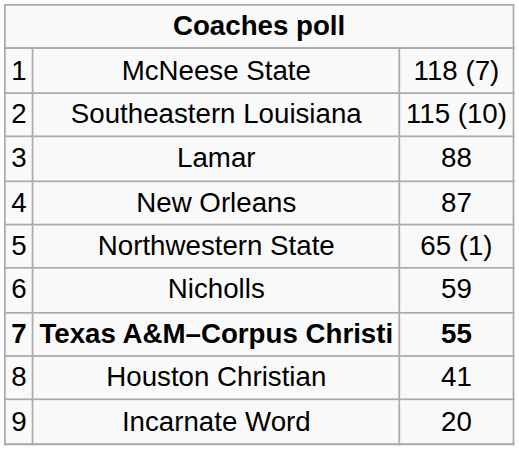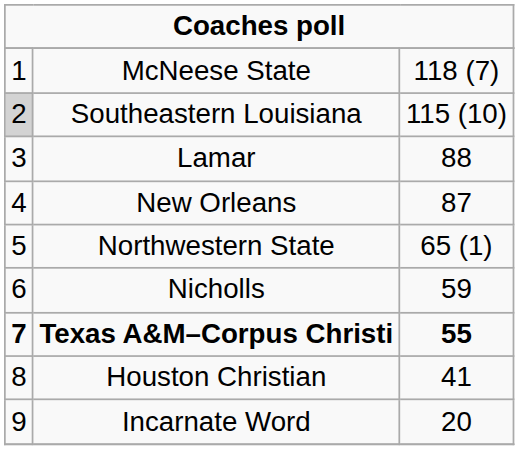 <table class="wikitable">
 <tr align="center">
 <td align="center" Colspan="3"><strong>Coaches poll</strong></td>
 </tr>
 <tr align="center">
 </tr>
 <tr align="center">
 <td>1</td>
 <td>McNeese State</td>
 <td>118 (7)</td>
 </tr>
 <tr align="center">
-<td>2</td>
+<td style="background: lightgrey;">2</td>
 <td>Southeastern Louisiana</td>
 <td>115 (10)</td>
 </tr>
 <tr align="center">
 <td>3</td>
 <td>Lamar</td>
 <td>88</td>
 </tr>
 <tr align="center">
 <td>4</td>
 <td>New Orleans</td>
 <td>87</td>
 </tr>
 <tr align="center">
 <td>5</td>
 <td>Northwestern State</td>
 <td>65 (1)</td>
 </tr>
 <tr align="center">
 <td>6</td>
 <td>Nicholls</td>
 <td>59</td>
 </tr>
 <tr align="center">
 <td><strong>7</strong></td>
 <td><strong>Texas A&M–Corpus Christi</strong></td>
 <td><strong>55</strong></td>
 </tr>
 <tr align="center">
 <td>8</td>
 <td>Houston Christian</td>
 <td>41</td>
 </tr>
 <tr align="center">
 <td>9</td>
 <td>Incarnate Word</td>
 <td>20</td>
 </tr>
 <tr align="center">
 </tr>
 </table>
